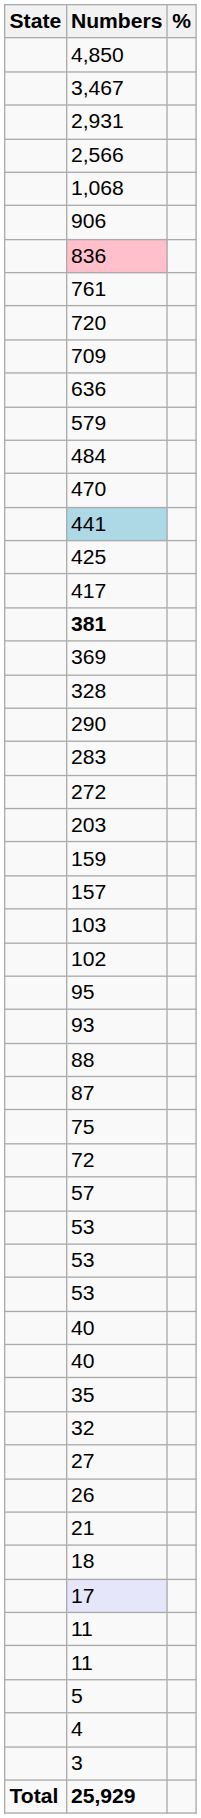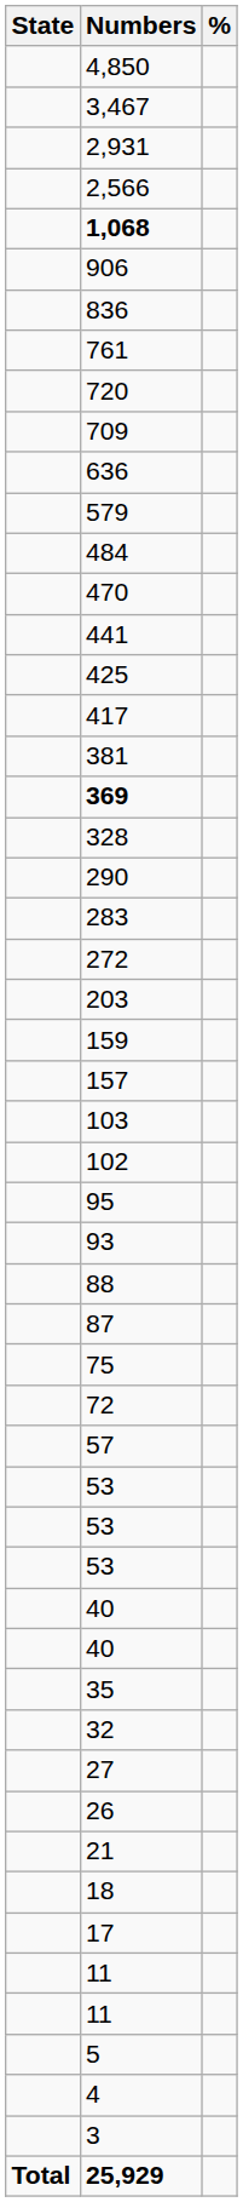 <table class="wikitable">
 <tr>
 <th>State</th>
 <th>Numbers</th>
 <th>%</th>
 </tr>
 <tr>
 <td></td>
 <td>4,850</td>
 <td></td>
 </tr>
 <tr>
 <td></td>
 <td>3,467</td>
 <td></td>
 </tr>
 <tr>
 <td></td>
 <td>2,931</td>
 <td></td>
 </tr>
 <tr>
 <td></td>
 <td>2,566</td>
 <td></td>
 </tr>
 <tr>
 <td></td>
-<td>1,068</td>
+<td><strong>1,068</strong></td>
 <td></td>
 </tr>
 <tr>
 <td></td>
 <td>906</td>
 <td></td>
 </tr>
 <tr>
 <td></td>
-<td style="background: pink;">836</td>
+<td>836</td>
 <td></td>
 </tr>
 <tr>
 <td></td>
 <td>761</td>
 <td></td>
 </tr>
 <tr>
 <td></td>
 <td>720</td>
 <td></td>
 </tr>
 <tr>
 <td></td>
 <td>709</td>
 <td></td>
 </tr>
 <tr>
 <td></td>
 <td>636</td>
 <td></td>
 </tr>
 <tr>
 <td></td>
 <td>579</td>
 <td></td>
 </tr>
 <tr>
 <td></td>
 <td>484</td>
 <td></td>
 </tr>
 <tr>
 <td></td>
 <td>470</td>
 <td></td>
 </tr>
 <tr>
 <td></td>
-<td style="background: lightblue;">441</td>
+<td>441</td>
 <td></td>
 </tr>
 <tr>
 <td></td>
 <td>425</td>
 <td></td>
 </tr>
 <tr>
 <td></td>
 <td>417</td>
 <td></td>
 </tr>
 <tr>
 <td></td>
-<td><strong>381</strong></td>
+<td>381</td>
 <td></td>
 </tr>
 <tr>
 <td></td>
-<td>369</td>
+<td><strong>369</strong></td>
 <td></td>
 </tr>
 <tr>
 <td></td>
 <td>328</td>
 <td></td>
 </tr>
 <tr>
 <td></td>
 <td>290</td>
 <td></td>
 </tr>
 <tr>
 <td></td>
 <td>283</td>
 <td></td>
 </tr>
 <tr>
 <td></td>
 <td>272</td>
 <td></td>
 </tr>
 <tr>
 <td></td>
 <td>203</td>
 <td></td>
 </tr>
 <tr>
 <td></td>
 <td>159</td>
 <td></td>
 </tr>
 <tr>
 <td></td>
 <td>157</td>
 <td></td>
 </tr>
 <tr>
 <td></td>
 <td>103</td>
 <td></td>
 </tr>
 <tr>
 <td></td>
 <td>102</td>
 <td></td>
 </tr>
 <tr>
 <td></td>
 <td>95</td>
 <td></td>
 </tr>
 <tr>
 <td></td>
 <td>93</td>
 <td></td>
 </tr>
 <tr>
 <td></td>
 <td>88</td>
 <td></td>
 </tr>
 <tr>
 <td></td>
 <td>87</td>
 <td></td>
 </tr>
 <tr>
 <td></td>
 <td>75</td>
 <td></td>
 </tr>
 <tr>
 <td></td>
 <td>72</td>
 <td></td>
 </tr>
 <tr>
 <td></td>
 <td>57</td>
 <td></td>
 </tr>
 <tr>
 <td></td>
 <td>53</td>
 <td></td>
 </tr>
 <tr>
 <td></td>
 <td>53</td>
 <td></td>
 </tr>
 <tr>
 <td></td>
 <td>53</td>
 <td></td>
 </tr>
 <tr>
 <td></td>
 <td>40</td>
 <td></td>
 </tr>
 <tr>
 <td></td>
 <td>40</td>
 <td></td>
 </tr>
 <tr>
 <td></td>
 <td>35</td>
 <td></td>
 </tr>
 <tr>
 <td></td>
 <td>32</td>
 <td></td>
 </tr>
 <tr>
 <td></td>
 <td>27</td>
 <td></td>
 </tr>
 <tr>
 <td></td>
 <td>26</td>
 <td></td>
 </tr>
 <tr>
 <td></td>
 <td>21</td>
 <td></td>
 </tr>
 <tr>
 <td></td>
 <td>18</td>
 <td></td>
 </tr>
 <tr>
 <td></td>
-<td style="background: lavender;">17</td>
+<td>17</td>
 <td></td>
 </tr>
 <tr>
 <td></td>
 <td>11</td>
 <td></td>
 </tr>
 <tr>
 <td></td>
 <td>11</td>
 <td></td>
 </tr>
 <tr>
 <td></td>
 <td>5</td>
 <td></td>
 </tr>
 <tr>
 <td></td>
 <td>4</td>
 <td></td>
 </tr>
 <tr>
 <td></td>
 <td>3</td>
 <td></td>
 </tr>
 <tr>
 <td><strong>Total</strong></td>
 <td><strong>25,929</strong></td>
 <td><strong></strong></td>
 </tr>
 </table>
